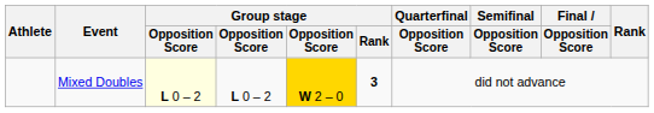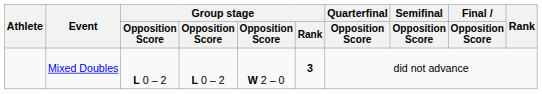 <table class="wikitable" style="font-size:90%">
 <tr>
 <th rowspan=2>Athlete</th>
 <th rowspan=2>Event</th>
 <th colspan=4>Group stage</th>
 <th>Quarterfinal</th>
 <th>Semifinal</th>
 <th>Final / </th>
 <th rowspan=2>Rank</th>
 </tr>
 <tr style="font-size:95%">
 <th>Opposition<br>Score</th>
 <th>Opposition<br>Score</th>
 <th>Opposition<br>Score</th>
 <th>Rank</th>
 <th>Opposition<br>Score</th>
 <th>Opposition<br>Score</th>
 <th>Opposition<br>Score</th>
 </tr>
 <tr align=center>
 <td align=left><br></td>
 <td align=left><a href='#'>Mixed Doubles</a></td>
-<td style="background: lightyellow;"><br><br><strong>L</strong> 0 – 2</td>
 <td><br><br><strong>L</strong> 0 – 2</td>
-<td style="background: gold;"><br><br><strong>W</strong> 2 – 0</td>
+<td><br><br><strong>L</strong> 0 – 2</td>
+<td><br><br><strong>W</strong> 2 – 0</td>
 <td><strong>3</strong></td>
 <td colspan=4>did not advance</td>
 </tr>
 </table>
